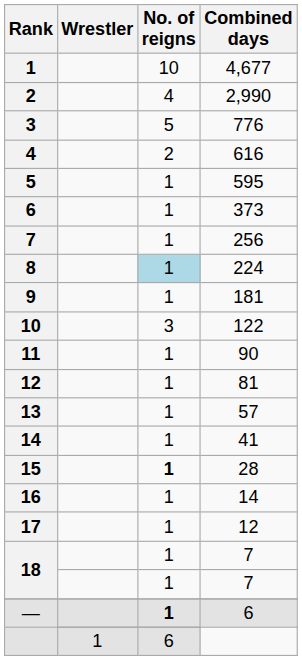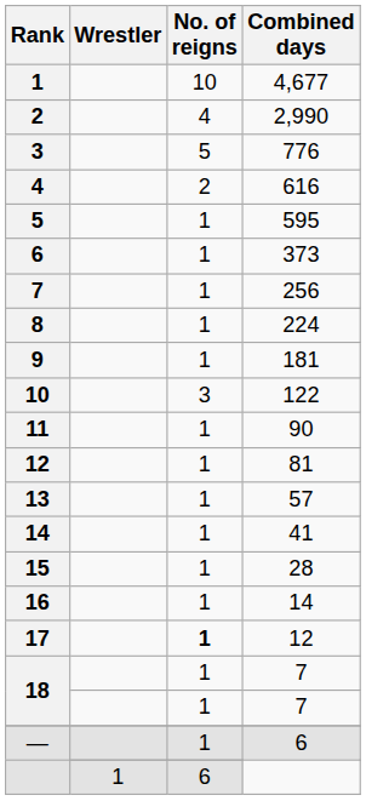 <table class="wikitable sortable" style="text-align: center">
 <tr>
 <th>Rank</th>
 <th>Wrestler</th>
 <th>No. of<br>reigns</th>
 <th>Combined<br>days</th>
 </tr>
 <tr>
 <th>1</th>
 <td></td>
 <td>10</td>
 <td>4,677</td>
 </tr>
 <tr>
 <th>2</th>
 <td></td>
 <td>4</td>
 <td>2,990</td>
 </tr>
 <tr>
 <th>3</th>
 <td></td>
 <td>5</td>
 <td>776</td>
 </tr>
 <tr>
 <th>4</th>
 <td></td>
 <td>2</td>
 <td>616</td>
 </tr>
 <tr>
 <th>5</th>
 <td></td>
 <td>1</td>
 <td>595</td>
 </tr>
 <tr>
 <th>6</th>
 <td></td>
 <td>1</td>
 <td>373</td>
 </tr>
 <tr>
 <th>7</th>
 <td></td>
 <td>1</td>
 <td>256</td>
 </tr>
 <tr>
 <th>8</th>
 <td></td>
-<td style="background: lightblue;">1</td>
+<td>1</td>
 <td>224</td>
 </tr>
 <tr>
 <th>9</th>
 <td></td>
 <td>1</td>
 <td>181</td>
 </tr>
 <tr>
 <th>10</th>
 <td></td>
 <td>3</td>
 <td>122</td>
 </tr>
 <tr>
 <th>11</th>
 <td></td>
 <td>1</td>
 <td>90</td>
 </tr>
 <tr>
 <th>12</th>
 <td></td>
 <td>1</td>
 <td>81</td>
 </tr>
 <tr>
 <th>13</th>
 <td></td>
 <td>1</td>
 <td>57</td>
 </tr>
 <tr>
 <th>14</th>
 <td></td>
 <td>1</td>
 <td>41</td>
 </tr>
 <tr>
 <th>15</th>
 <td></td>
-<td><strong>1</strong></td>
+<td>1</td>
 <td>28</td>
 </tr>
 <tr>
 <th>16</th>
 <td></td>
 <td>1</td>
 <td>14</td>
 </tr>
 <tr>
 <th>17</th>
 <td></td>
-<td>1</td>
+<td><strong>1</strong></td>
 <td>12</td>
 </tr>
 <tr>
 <th rowspan=2>18</th>
 <td></td>
 <td>1</td>
 <td>7</td>
 </tr>
 <tr>
 <td></td>
 <td>1</td>
 <td>7</td>
 </tr>
 <tr>
 </tr>
 <tr style="background-color:#e3e3e3">
 <td rowspan=2>—</td>
 <td></td>
-<td><strong>1</strong></td>
+<td>1</td>
 <td>6</td>
 </tr>
 <tr>
 </tr>
 <tr style="background-color:#e3e3e3">
 <td></td>
 <td>1</td>
 <td>6</td>
 </tr>
 </table>
